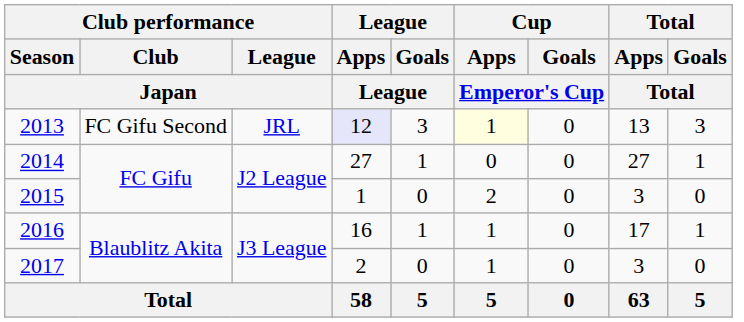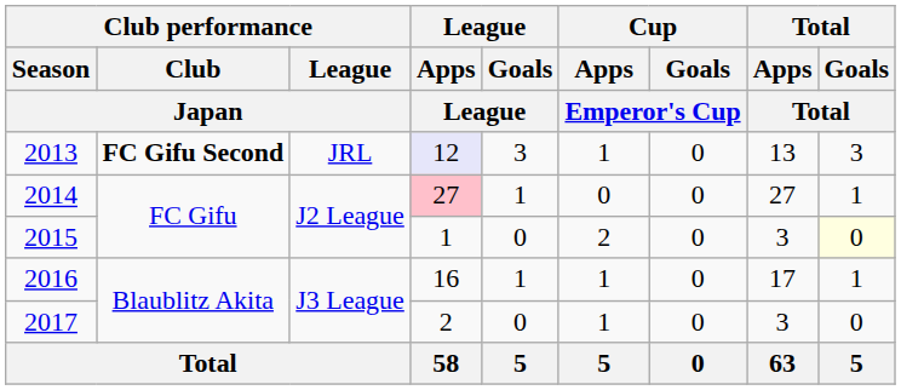 <table class="wikitable" style="text-align:center;">
 <tr>
 <th colspan=3>Club performance</th>
 <th colspan=2>League</th>
 <th colspan=2>Cup</th>
 <th colspan=2>Total</th>
 </tr>
 <tr>
 <th>Season</th>
 <th>Club</th>
 <th>League</th>
 <th>Apps</th>
 <th>Goals</th>
 <th>Apps</th>
 <th>Goals</th>
 <th>Apps</th>
 <th>Goals</th>
 </tr>
 <tr>
 <th colspan=3>Japan</th>
 <th colspan=2>League</th>
 <th colspan=2><a href='#'>Emperor's Cup</a></th>
 <th colspan=2>Total</th>
 </tr>
 <tr>
 <td><a href='#'>2013</a></td>
-<td>FC Gifu Second</td>
+<td><strong>FC Gifu Second</strong></td>
 <td><a href='#'>JRL</a></td>
 <td style="background: lavender;">12</td>
 <td>3</td>
-<td style="background: lightyellow;">1</td>
+<td>1</td>
 <td>0</td>
 <td>13</td>
 <td>3</td>
 </tr>
 <tr>
 <td><a href='#'>2014</a></td>
 <td rowspan="2"><a href='#'>FC Gifu</a></td>
 <td rowspan="2"><a href='#'>J2 League</a></td>
-<td>27</td>
+<td style="background: pink;">27</td>
 <td>1</td>
 <td>0</td>
 <td>0</td>
 <td>27</td>
 <td>1</td>
 </tr>
 <tr>
 <td><a href='#'>2015</a></td>
 <td>1</td>
 <td>0</td>
 <td>2</td>
 <td>0</td>
 <td>3</td>
-<td>0</td>
+<td style="background: lightyellow;">0</td>
 </tr>
 <tr>
 <td><a href='#'>2016</a></td>
 <td rowspan="2"><a href='#'>Blaublitz Akita</a></td>
 <td rowspan="2"><a href='#'>J3 League</a></td>
 <td>16</td>
 <td>1</td>
 <td>1</td>
 <td>0</td>
 <td>17</td>
 <td>1</td>
 </tr>
 <tr>
 <td><a href='#'>2017</a></td>
 <td>2</td>
 <td>0</td>
 <td>1</td>
 <td>0</td>
 <td>3</td>
 <td>0</td>
 </tr>
 <tr>
 <th colspan=3>Total</th>
 <th>58</th>
 <th>5</th>
 <th>5</th>
 <th>0</th>
 <th>63</th>
 <th>5</th>
 </tr>
 </table>
